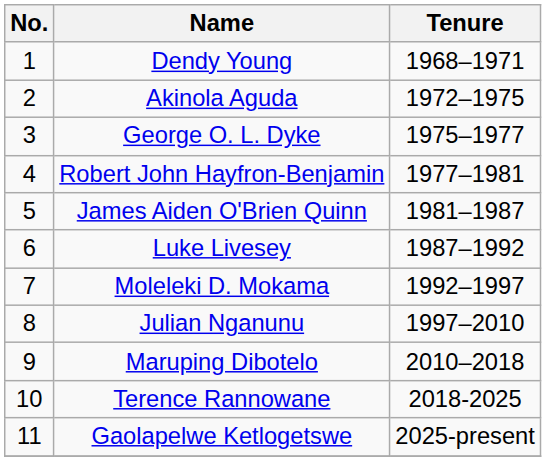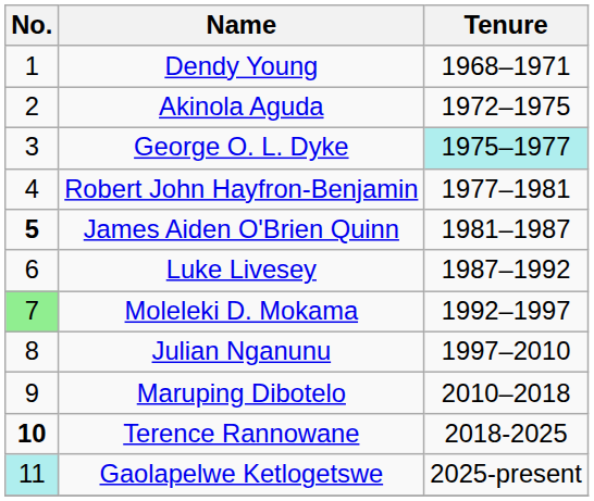 <table class="wikitable" style="text-align:center;">
 <tr>
 <th>No.</th>
 <th>Name</th>
 <th>Tenure</th>
 </tr>
 <tr>
 <td>1</td>
 <td><a href='#'>Dendy Young</a></td>
 <td>1968–1971</td>
 </tr>
 <tr>
 <td>2</td>
 <td><a href='#'>Akinola Aguda</a></td>
 <td>1972–1975</td>
 </tr>
 <tr>
 <td>3</td>
 <td><a href='#'>George O. L. Dyke</a></td>
-<td>1975–1977</td>
+<td style="background: paleturquoise;">1975–1977</td>
 </tr>
 <tr>
 <td>4</td>
 <td><a href='#'>Robert John Hayfron-Benjamin</a></td>
 <td>1977–1981</td>
 </tr>
 <tr>
-<td>5</td>
+<td><strong>5</strong></td>
 <td><a href='#'>James Aiden O'Brien Quinn</a></td>
 <td>1981–1987</td>
 </tr>
 <tr>
 <td>6</td>
 <td><a href='#'>Luke Livesey</a></td>
 <td>1987–1992</td>
 </tr>
 <tr>
-<td>7</td>
+<td style="background: lightgreen;">7</td>
 <td><a href='#'>Moleleki D. Mokama</a></td>
 <td>1992–1997</td>
 </tr>
 <tr>
 <td>8</td>
 <td><a href='#'>Julian Nganunu</a></td>
 <td>1997–2010</td>
 </tr>
 <tr>
 <td>9</td>
 <td><a href='#'>Maruping Dibotelo</a></td>
 <td>2010–2018</td>
 </tr>
 <tr>
-<td>10</td>
+<td><strong>10</strong></td>
 <td><a href='#'>Terence Rannowane</a></td>
 <td>2018-2025</td>
 </tr>
 <tr>
-<td>11</td>
+<td style="background: paleturquoise;">11</td>
 <td><a href='#'>Gaolapelwe Ketlogetswe</a></td>
 <td>2025-present</td>
 </tr>
 <tr>
 </tr>
 </table>
